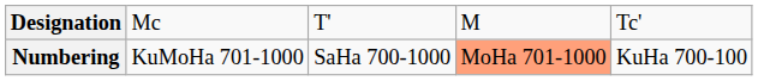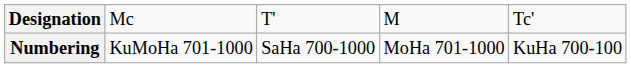 <table class="wikitable">
 <tr>
 <th>Designation</th>
 <td>Mc</td>
 <td>T'</td>
 <td>M</td>
 <td>Tc'</td>
 </tr>
 <tr>
 <th>Numbering</th>
 <td>KuMoHa 701-1000</td>
 <td>SaHa 700-1000</td>
-<td style="background: lightsalmon;">MoHa 701-1000</td>
+<td>MoHa 701-1000</td>
 <td>KuHa 700-100</td>
 </tr>
 </table>
